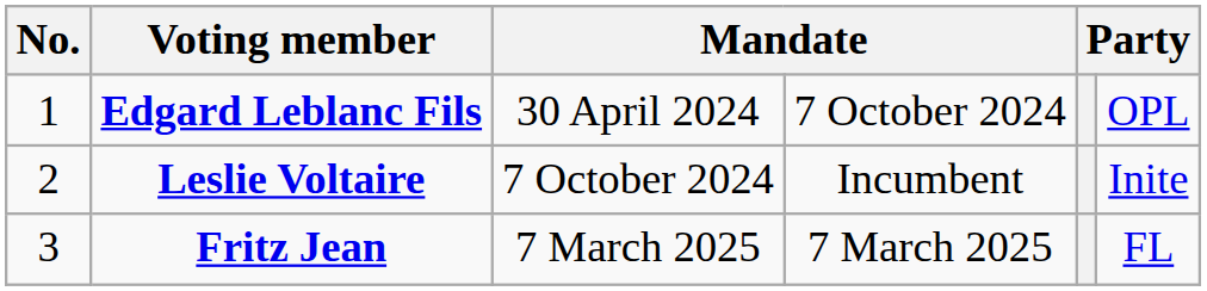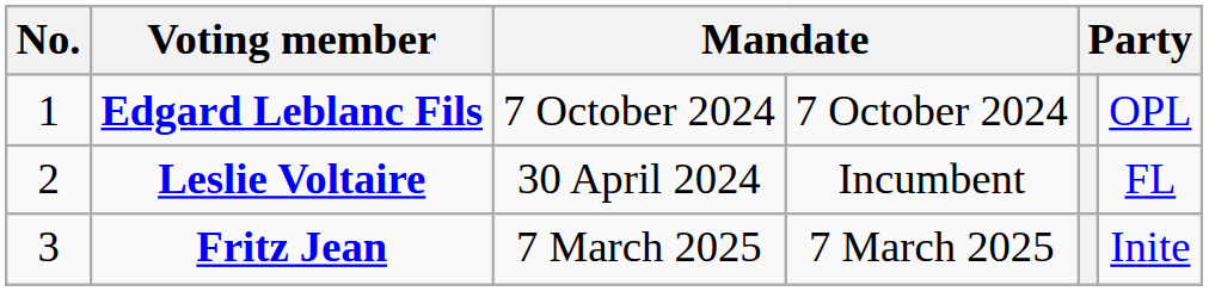 <table class=wikitable centre style=text-align:center>
 <tr>
 <th>No.</th>
 <th>Voting member</th>
 <th colspan="2">Mandate</th>
 <th colspan="2">Party</th>
 </tr>
 <tr>
 <td>1</td>
 <td><strong><a href='#'>Edgard Leblanc Fils</a></strong><br></td>
-<td>30 April 2024</td>
+<td>7 October 2024</td>
 <td>7 October 2024</td>
 <th style="background:"></th>
 <td><a href='#'>OPL</a></td>
 </tr>
 <tr>
 <td>2</td>
 <td><strong><a href='#'>Leslie Voltaire</a></strong><br></td>
-<td>7 October 2024</td>
+<td>30 April 2024</td>
 <td>Incumbent</td>
 <th style="background:"></th>
-<td><a href='#'>Inite</a></td>
+<td><a href='#'>FL</a></td>
 </tr>
 <tr>
 <td>3</td>
 <td><strong><a href='#'>Fritz Jean</a></strong><br></td>
 <td>7 March 2025</td>
 <td>7 March 2025</td>
 <th style="background:"></th>
-<td><a href='#'>FL</a></td>
+<td><a href='#'>Inite</a></td>
 </tr>
 </table>
